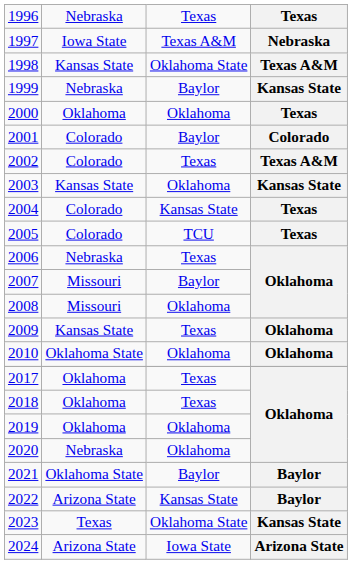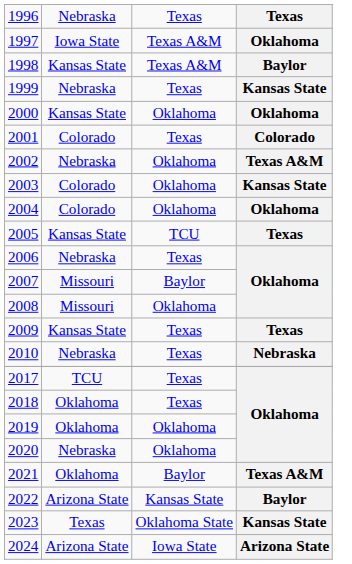 <table class="wikitable" style="text-align: center;">
 <tr>
 <td><a href='#'>1996</a></td>
 <td><a href='#'>Nebraska</a></td>
 <td><a href='#'>Texas</a></td>
 <th>Texas</th>
 </tr>
 <tr>
 <td><a href='#'>1997</a></td>
 <td><a href='#'>Iowa State</a></td>
 <td><a href='#'>Texas A&M</a></td>
-<th>Nebraska</th>
+<th>Oklahoma</th>
 </tr>
 <tr>
 <td><a href='#'>1998</a></td>
 <td><a href='#'>Kansas State</a></td>
-<td><a href='#'>Oklahoma State</a></td>
-<th>Texas A&M</th>
+<td><a href='#'>Texas A&M</a></td>
+<th>Baylor</th>
 </tr>
 <tr>
 <td><a href='#'>1999</a></td>
 <td><a href='#'>Nebraska</a></td>
-<td><a href='#'>Baylor</a></td>
+<td><a href='#'>Texas</a></td>
 <th>Kansas State</th>
 </tr>
 <tr>
 <td><a href='#'>2000</a></td>
+<td><a href='#'>Kansas State</a></td>
 <td><a href='#'>Oklahoma</a></td>
-<td><a href='#'>Oklahoma</a></td>
-<th>Texas</th>
+<th>Oklahoma</th>
 </tr>
 <tr>
 <td><a href='#'>2001</a></td>
 <td><a href='#'>Colorado</a></td>
-<td><a href='#'>Baylor</a></td>
+<td><a href='#'>Texas</a></td>
 <th>Colorado</th>
 </tr>
 <tr>
 <td><a href='#'>2002</a></td>
-<td><a href='#'>Colorado</a></td>
-<td><a href='#'>Texas</a></td>
+<td><a href='#'>Nebraska</a></td>
+<td><a href='#'>Oklahoma</a></td>
 <th>Texas A&M</th>
 </tr>
 <tr>
 <td><a href='#'>2003</a></td>
-<td><a href='#'>Kansas State</a></td>
+<td><a href='#'>Colorado</a></td>
 <td><a href='#'>Oklahoma</a></td>
 <th>Kansas State</th>
 </tr>
 <tr>
 <td><a href='#'>2004</a></td>
 <td><a href='#'>Colorado</a></td>
-<td><a href='#'>Kansas State</a></td>
-<th>Texas</th>
+<td><a href='#'>Oklahoma</a></td>
+<th>Oklahoma</th>
 </tr>
 <tr>
 <td><a href='#'>2005</a></td>
-<td><a href='#'>Colorado</a></td>
+<td><a href='#'>Kansas State</a></td>
 <td><a href='#'>TCU</a></td>
 <th>Texas</th>
 </tr>
 <tr>
 <td><a href='#'>2006</a></td>
 <td><a href='#'>Nebraska</a></td>
 <td><a href='#'>Texas</a></td>
 <th rowspan="3">Oklahoma</th>
 </tr>
 <tr>
 <td><a href='#'>2007</a></td>
 <td><a href='#'>Missouri</a></td>
 <td><a href='#'>Baylor</a></td>
 </tr>
 <tr>
 <td><a href='#'>2008</a></td>
 <td><a href='#'>Missouri</a></td>
 <td><a href='#'>Oklahoma</a></td>
 </tr>
 <tr>
 <td><a href='#'>2009</a></td>
 <td><a href='#'>Kansas State</a></td>
 <td><a href='#'>Texas</a></td>
-<th>Oklahoma</th>
+<th>Texas</th>
 </tr>
 <tr>
 <td><a href='#'>2010</a></td>
-<td><a href='#'>Oklahoma State</a></td>
-<td><a href='#'>Oklahoma</a></td>
-<th>Oklahoma</th>
+<td><a href='#'>Nebraska</a></td>
+<td><a href='#'>Texas</a></td>
+<th>Nebraska</th>
 </tr>
 <tr>
 </tr>
 <tr>
 <td><a href='#'>2017</a></td>
-<td><a href='#'>Oklahoma</a></td>
+<td><a href='#'>TCU</a></td>
 <td><a href='#'>Texas</a></td>
 <th rowspan="4">Oklahoma</th>
 </tr>
 <tr>
 <td><a href='#'>2018</a></td>
 <td><a href='#'>Oklahoma</a></td>
 <td><a href='#'>Texas</a></td>
 </tr>
 <tr>
 <td><a href='#'>2019</a></td>
 <td><a href='#'>Oklahoma</a></td>
 <td><a href='#'>Oklahoma</a></td>
 </tr>
 <tr>
 <td><a href='#'>2020</a></td>
 <td><a href='#'>Nebraska</a></td>
 <td><a href='#'>Oklahoma</a></td>
 </tr>
 <tr>
 <td><a href='#'>2021</a></td>
-<td><a href='#'>Oklahoma State</a></td>
+<td><a href='#'>Oklahoma</a></td>
 <td><a href='#'>Baylor</a></td>
-<th>Baylor</th>
+<th>Texas A&M</th>
 </tr>
 <tr>
 <td><a href='#'>2022</a></td>
 <td><a href='#'>Arizona State</a></td>
 <td><a href='#'>Kansas State</a></td>
 <th>Baylor</th>
 </tr>
 <tr>
 <td><a href='#'>2023</a></td>
 <td><a href='#'>Texas</a></td>
 <td><a href='#'>Oklahoma State</a></td>
 <th>Kansas State</th>
 </tr>
 <tr>
 <td><a href='#'>2024</a></td>
 <td><a href='#'>Arizona State</a></td>
 <td><a href='#'>Iowa State</a></td>
 <th>Arizona State</th>
 </tr>
 </table>
